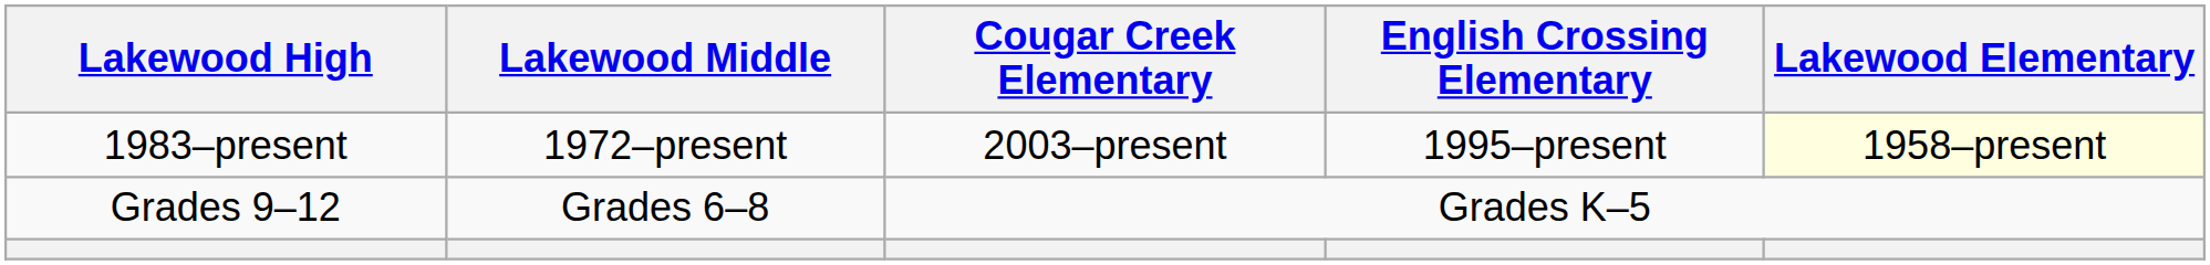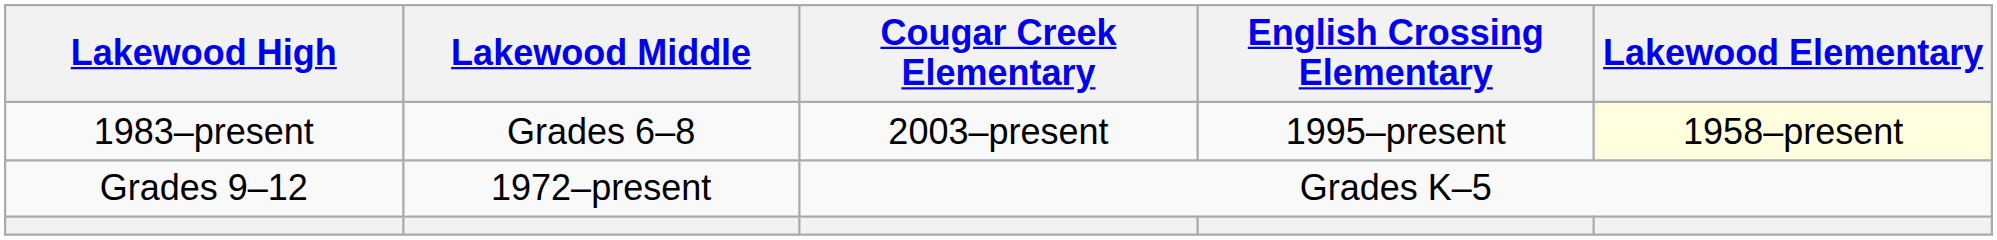 <table class="wikitable" style="text-align:center" width=100%>
 <tr>
 <th width="20%"><a href='#'>Lakewood High</a></th>
 <th width="20%"><a href='#'>Lakewood Middle</a></th>
 <th width="20%"><a href='#'>Cougar Creek Elementary</a></th>
 <th width="20%"><a href='#'>English Crossing Elementary</a></th>
 <th width="20%"><a href='#'>Lakewood Elementary</a></th>
 </tr>
 <tr>
 <td>1983–present</td>
-<td>1972–present</td>
+<td>Grades 6–8</td>
 <td>2003–present</td>
 <td>1995–present</td>
 <td style="background: lightyellow;">1958–present</td>
 </tr>
 <tr>
 <td>Grades 9–12</td>
-<td>Grades 6–8</td>
+<td>1972–present</td>
 <td colspan="3">Grades K–5</td>
 </tr>
 <tr>
 <th></th>
 <th></th>
 <th></th>
 <th></th>
 <th></th>
 </tr>
 </table>
